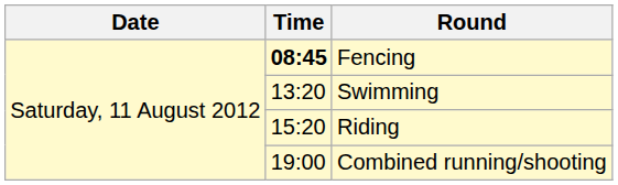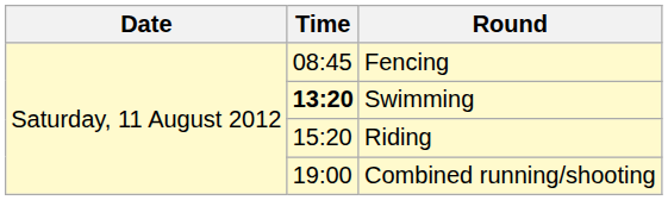 <table class="wikitable">
 <tr>
 <th>Date</th>
 <th>Time</th>
 <th>Round</th>
 </tr>
 <tr style="background:lemonchiffon">
 <td rowspan=4>Saturday, 11 August 2012</td>
-<td><strong>08:45</strong></td>
+<td>08:45</td>
 <td>Fencing</td>
 </tr>
 <tr style="background:lemonchiffon">
-<td>13:20</td>
+<td><strong>13:20</strong></td>
 <td>Swimming</td>
 </tr>
 <tr style="background:lemonchiffon">
 <td>15:20</td>
 <td>Riding</td>
 </tr>
 <tr style="background:lemonchiffon">
 <td>19:00</td>
 <td>Combined running/shooting</td>
 </tr>
 </table>
